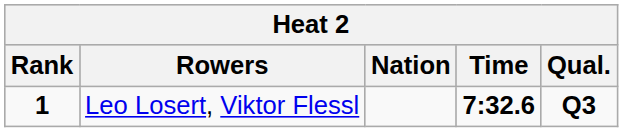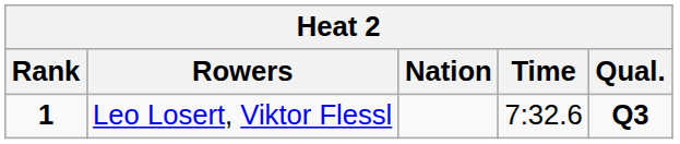 <table class="wikitable" style="text-align:center">
 <tr>
 <th colspan=5 align=center><strong>Heat 2</strong></th>
 </tr>
 <tr>
 <th>Rank</th>
 <th>Rowers</th>
 <th>Nation</th>
 <th>Time</th>
 <th>Qual.</th>
 </tr>
 <tr>
 <td><strong>1</strong></td>
 <td align=left><a href='#'>Leo Losert</a>, <a href='#'>Viktor Flessl</a></td>
 <td align=left></td>
-<td><strong>7:32.6</strong></td>
+<td>7:32.6</td>
 <td><strong>Q3</strong></td>
 </tr>
 </table>
